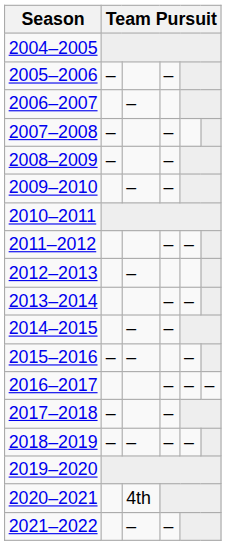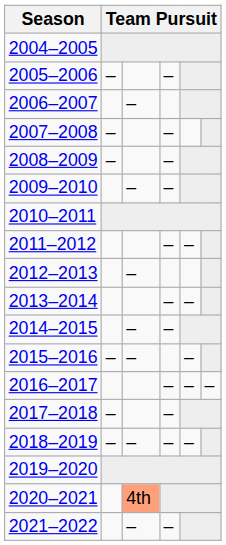 <table class="wikitable" style="display: inline-table;">
 <tr>
 <th>Season</th>
 <th colspan="5">Team Pursuit</th>
 </tr>
 <tr>
 <td><a href='#'>2004–2005</a></td>
 <td colspan="5" bgcolor=#EEEEEE></td>
 </tr>
 <tr>
 <td><a href='#'>2005–2006</a></td>
 <td>–</td>
 <td></td>
 <td>–</td>
 <td colspan="2" bgcolor=#EEEEEE></td>
 </tr>
 <tr>
 <td><a href='#'>2006–2007</a></td>
 <td></td>
 <td>–</td>
 <td></td>
 <td colspan="2" bgcolor=#EEEEEE></td>
 </tr>
 <tr>
 <td><a href='#'>2007–2008</a></td>
 <td>–</td>
 <td></td>
 <td>–</td>
 <td></td>
 <td colspan="1" bgcolor=#EEEEEE></td>
 </tr>
 <tr>
 <td><a href='#'>2008–2009</a></td>
 <td>–</td>
 <td></td>
 <td>–</td>
 <td colspan="2" bgcolor=#EEEEEE></td>
 </tr>
 <tr>
 <td><a href='#'>2009–2010</a></td>
 <td></td>
 <td>–</td>
 <td>–</td>
 <td colspan="2" bgcolor=#EEEEEE></td>
 </tr>
 <tr>
 <td><a href='#'>2010–2011</a></td>
 <td colspan="5" bgcolor=#EEEEEE></td>
 </tr>
 <tr>
 <td><a href='#'>2011–2012</a></td>
 <td></td>
 <td></td>
 <td>–</td>
 <td>–</td>
 <td colspan="1" bgcolor=#EEEEEE></td>
 </tr>
 <tr>
 <td><a href='#'>2012–2013</a></td>
 <td></td>
 <td>–</td>
 <td></td>
 <td></td>
 <td colspan="1" bgcolor=#EEEEEE></td>
 </tr>
 <tr>
 <td><a href='#'>2013–2014</a></td>
 <td></td>
 <td></td>
 <td>–</td>
 <td>–</td>
 <td colspan="1" bgcolor=#EEEEEE></td>
 </tr>
 <tr>
 <td><a href='#'>2014–2015</a></td>
 <td></td>
 <td>–</td>
 <td>–</td>
 <td colspan="2" bgcolor=#EEEEEE></td>
 </tr>
 <tr>
 <td><a href='#'>2015–2016</a></td>
 <td>–</td>
 <td>–</td>
 <td></td>
 <td>–</td>
 <td colspan="1" bgcolor=#EEEEEE></td>
 </tr>
 <tr>
 <td><a href='#'>2016–2017</a></td>
 <td></td>
 <td></td>
 <td>–</td>
 <td>–</td>
 <td>–</td>
 </tr>
 <tr>
 <td><a href='#'>2017–2018</a></td>
 <td>–</td>
 <td></td>
 <td>–</td>
 <td colspan="2" bgcolor=#EEEEEE></td>
 </tr>
 <tr>
 <td><a href='#'>2018–2019</a></td>
 <td>–</td>
 <td>–</td>
 <td>–</td>
 <td>–</td>
 <td colspan="1" bgcolor=#EEEEEE></td>
 </tr>
 <tr>
 <td><a href='#'>2019–2020</a></td>
 <td colspan="5" bgcolor=#EEEEEE></td>
 </tr>
 <tr>
 <td><a href='#'>2020–2021</a></td>
 <td></td>
-<td>4th</td>
+<td style="background: lightsalmon;">4th</td>
 <td colspan="3" bgcolor=#EEEEEE></td>
 </tr>
 <tr>
 <td><a href='#'>2021–2022</a></td>
 <td></td>
 <td>–</td>
 <td>–</td>
 <td colspan="3" bgcolor=#EEEEEE></td>
 </tr>
 </table>
